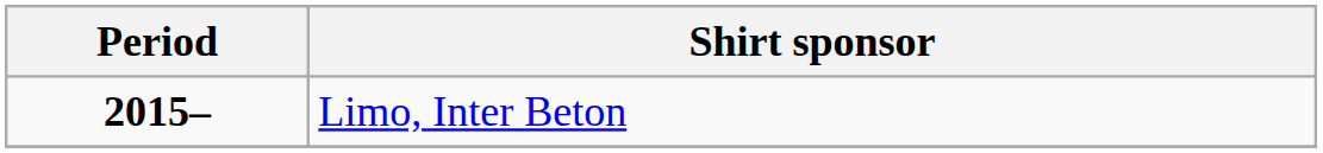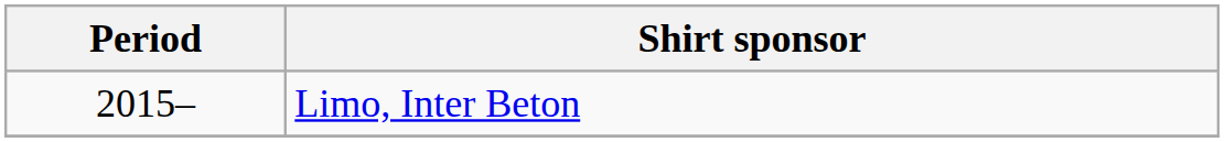 <table class="wikitable" style="font-size: 95%; text-align: center; ">
 <tr>
 <th width=100>Period</th>
 <th width=350>Shirt sponsor</th>
 </tr>
 <tr>
-<td align="center"><strong>2015–</strong></td>
+<td align="center">2015–</td>
 <td align="left"> <a href='#'>Limo, Inter Beton</a></td>
 </tr>
 <tr>
 </tr>
 </table>
